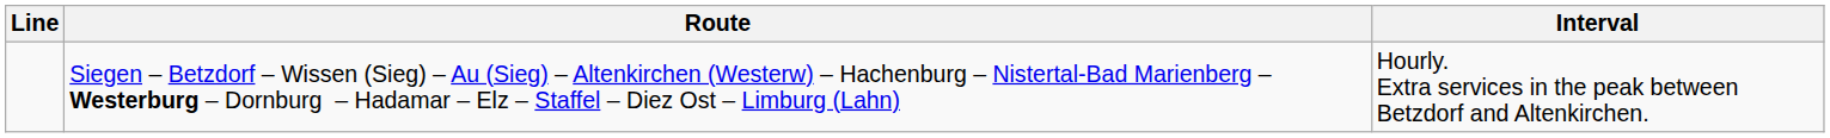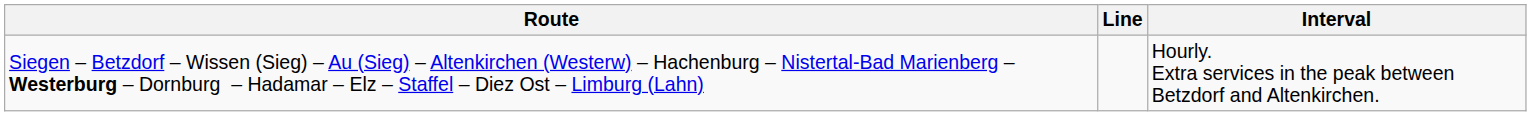 <table class="wikitable">
 <tr>
+<th>Route</th>
 <th>Line</th>
-<th>Route</th>
 <th>Interval</th>
 </tr>
 <tr>
+<td><a href='#'>Siegen</a> – <a href='#'>Betzdorf</a> – Wissen (Sieg) – <a href='#'>Au (Sieg)</a> – <a href='#'>Altenkirchen (Westerw)</a> – Hachenburg – <a href='#'>Nistertal-Bad Marienberg</a> – <strong>Westerburg</strong> – Dornburg  – Hadamar – Elz – <a href='#'>Staffel</a> – Diez Ost – <a href='#'>Limburg (Lahn)</a></td>
 <td></td>
-<td><a href='#'>Siegen</a> – <a href='#'>Betzdorf</a> – Wissen (Sieg) – <a href='#'>Au (Sieg)</a> – <a href='#'>Altenkirchen (Westerw)</a> – Hachenburg – <a href='#'>Nistertal-Bad Marienberg</a> – <strong>Westerburg</strong> – Dornburg  – Hadamar – Elz – <a href='#'>Staffel</a> – Diez Ost – <a href='#'>Limburg (Lahn)</a></td>
 <td>Hourly.<br>Extra services in the peak between Betzdorf and Altenkirchen.</td>
 </tr>
 </table>
